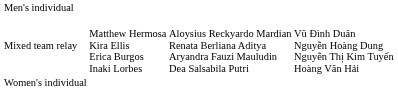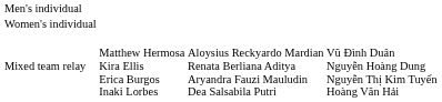 <table>
 <tr>
 <td>Men's individual</td>
+<td></td>
+<td></td>
+<td></td>
+</tr>
+<tr>
+<td>Women's individual</td>
 <td></td>
 <td></td>
 <td></td>
 </tr>
 <tr>
 <td>Mixed team relay</td>
 <td><br>Matthew Hermosa<br>Kira Ellis<br>Erica Burgos<br>Inaki Lorbes</td>
 <td><br>Aloysius Reckyardo Mardian<br>Renata Berliana Aditya<br>Aryandra Fauzi Mauludin<br>Dea Salsabila Putri</td>
 <td><br>Vũ Đình Duân<br>Nguyễn Hoàng Dung<br>Nguyễn Thị Kim Tuyến<br>Hoàng Văn Hải</td>
 </tr>
-<tr>
-<td>Women's individual</td>
-<td></td>
-<td></td>
-<td></td>
-</tr>
 </table>
